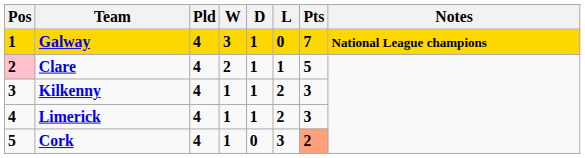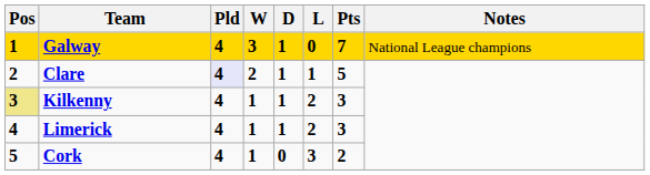 <table class="wikitable" style="text-align: centre;">
 <tr>
 <th width=20>Pos</th>
 <th width=150>Team</th>
 <th width=20>Pld</th>
 <th width=20>W</th>
 <th width=20>D</th>
 <th width=20>L</th>
 <th width=20>Pts</th>
 <th width=250>Notes</th>
 </tr>
 <tr style="background:gold;">
 <td><strong>1</strong></td>
 <td align=left><strong> <a href='#'>Galway</a> </strong></td>
 <td><strong>4</strong></td>
 <td><strong>3</strong></td>
 <td><strong>1</strong></td>
 <td><strong>0</strong></td>
 <td><strong>7</strong></td>
-<td><strong><small> National League champions</small></strong></td>
+<td><small> National League champions</small></td>
 </tr>
 <tr style>
-<td style="background: pink;"><strong>2</strong></td>
+<td><strong>2</strong></td>
 <td align=left><strong> <a href='#'>Clare</a> </strong></td>
-<td><strong>4</strong></td>
+<td style="background: lavender;"><strong>4</strong></td>
 <td><strong>2</strong></td>
 <td><strong>1</strong></td>
 <td><strong>1</strong></td>
 <td><strong>5</strong></td>
 </tr>
 <tr>
-<td><strong>3</strong></td>
+<td style="background: khaki;"><strong>3</strong></td>
 <td align=left><strong> <a href='#'>Kilkenny</a> </strong></td>
 <td><strong>4</strong></td>
 <td><strong>1</strong></td>
 <td><strong>1</strong></td>
 <td><strong>2</strong></td>
 <td><strong>3</strong></td>
 </tr>
 <tr>
 <td><strong>4</strong></td>
 <td align=left><strong> <a href='#'>Limerick</a> </strong></td>
 <td><strong>4</strong></td>
 <td><strong>1</strong></td>
 <td><strong>1</strong></td>
 <td><strong>2</strong></td>
 <td><strong>3</strong></td>
 </tr>
 <tr>
 <td><strong>5</strong></td>
 <td align=left><strong> <a href='#'>Cork</a> </strong></td>
 <td><strong>4</strong></td>
 <td><strong>1</strong></td>
 <td><strong>0</strong></td>
 <td><strong>3</strong></td>
-<td style="background: lightsalmon;"><strong>2</strong></td>
+<td><strong>2</strong></td>
 </tr>
 </table>
